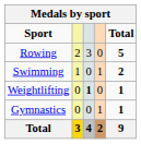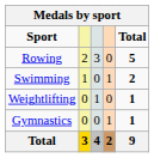 <table class="wikitable" style=font-size:85%;float:center;text-align:center>
 <tr style="background:#efefef;">
 <th colspan=5><strong>Medals by sport</strong></th>
 </tr>
 <tr align=center>
 <td><strong>Sport</strong></td>
 <td bgcolor=#f7f6a8></td>
 <td bgcolor=#dce5e5></td>
 <td bgcolor=#ffdab9></td>
 <td><strong>Total</strong></td>
 </tr>
 <tr align=center>
 <td><a href='#'>Rowing</a></td>
 <td style="background:#F7F6A8;">2</td>
 <td style="background:#DCE5E5;">3</td>
 <td style="background:#FFDAB9;">0</td>
 <td><strong>5</strong></td>
 </tr>
 <tr align=center>
 <td><a href='#'>Swimming</a></td>
 <td style="background:#F7F6A8;">1</td>
 <td style="background:#DCE5E5;">0</td>
 <td style="background:#FFDAB9;">1</td>
 <td><strong>2</strong></td>
 </tr>
 <tr align=center>
 <td><a href='#'>Weightlifting</a></td>
 <td style="background:#F7F6A8;">0</td>
-<td style="background:#DCE5E5;"><strong>1</strong></td>
+<td style="background:#DCE5E5;">1</td>
 <td style="background:#FFDAB9;">0</td>
 <td><strong>1</strong></td>
 </tr>
 <tr align=center>
 <td><a href='#'>Gymnastics</a></td>
 <td style="background:#F7F6A8;">0</td>
 <td style="background:#DCE5E5;">0</td>
 <td style="background:#FFDAB9;">1</td>
 <td><strong>1</strong></td>
 </tr>
 <tr align=center>
 <th><strong>Total</strong></th>
 <th style="background:gold;"><strong>3</strong></th>
 <th style="background:silver;"><strong>4</strong></th>
 <th style="background:#c96;"><strong>2</strong></th>
 <th><strong>9</strong></th>
 </tr>
 </table>
